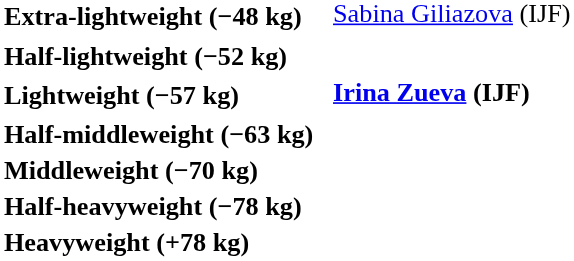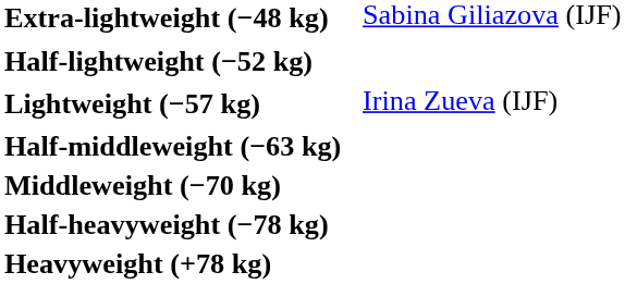 <table>
 <tr>
 <th rowspan=2 style="text-align:left;">Extra-lightweight (−48 kg)</th>
 <td rowspan=2></td>
 <td rowspan=2></td>
 <td> <a href='#'>Sabina Giliazova</a> <span>(<abbr>IJF</abbr>)</span></td>
 </tr>
 <tr>
 <td></td>
 </tr>
 <tr>
 <th rowspan=2 style="text-align:left;">Half-lightweight (−52 kg)</th>
 <td rowspan=2></td>
 <td rowspan=2></td>
 <td></td>
 </tr>
 <tr>
 <td></td>
 </tr>
 <tr>
 <th rowspan=2 style="text-align:left;">Lightweight (−57 kg)</th>
 <td rowspan=2></td>
 <td rowspan=2></td>
-<td><strong> <a href='#'>Irina Zueva</a> <span>(<abbr>IJF</abbr>)</span></strong></td>
+<td> <a href='#'>Irina Zueva</a> <span>(<abbr>IJF</abbr>)</span></td>
 </tr>
 <tr>
 <td></td>
 </tr>
 <tr>
 <th rowspan=2 style="text-align:left;">Half-middleweight (−63 kg)</th>
 <td rowspan=2></td>
 <td rowspan=2></td>
 <td></td>
 </tr>
 <tr>
 <td></td>
 </tr>
 <tr>
 <th rowspan=2 style="text-align:left;">Middleweight (−70 kg)</th>
 <td rowspan=2></td>
 <td rowspan=2></td>
 <td></td>
 </tr>
 <tr>
 <td></td>
 </tr>
 <tr>
 <th rowspan=2 style="text-align:left;">Half-heavyweight (−78 kg)</th>
 <td rowspan=2></td>
 <td rowspan=2></td>
 <td></td>
 </tr>
 <tr>
 <td></td>
 </tr>
 <tr>
 <th rowspan=2 style="text-align:left;">Heavyweight (+78 kg)</th>
 <td rowspan=2></td>
 <td rowspan=2></td>
 <td></td>
 </tr>
 <tr>
 <td></td>
 </tr>
 </table>
